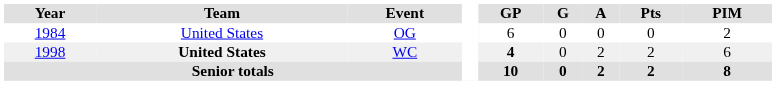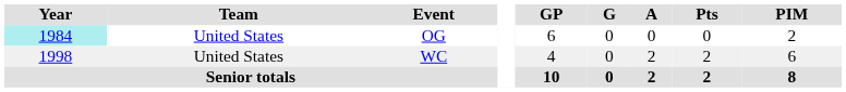 <table border="0" cellpadding="1" cellspacing="0" style="text-align:center; width:50em">
 <tr ALIGN="center" bgcolor="#e0e0e0">
 <th>Year</th>
 <th>Team</th>
 <th>Event</th>
 <th rowspan="99" bgcolor="#ffffff"> </th>
 <th>GP</th>
 <th>G</th>
 <th>A</th>
 <th>Pts</th>
 <th>PIM</th>
 </tr>
 <tr>
-<td><a href='#'>1984</a></td>
+<td style="background: paleturquoise;"><a href='#'>1984</a></td>
 <td><a href='#'>United States</a></td>
 <td><a href='#'>OG</a></td>
 <td>6</td>
 <td>0</td>
 <td>0</td>
 <td>0</td>
 <td>2</td>
 </tr>
 <tr bgcolor="#f0f0f0">
 <td><a href='#'>1998</a></td>
-<td><strong>United States</strong></td>
+<td>United States</td>
 <td><a href='#'>WC</a></td>
-<td><strong>4</strong></td>
+<td>4</td>
 <td>0</td>
 <td>2</td>
 <td>2</td>
 <td>6</td>
 </tr>
 <tr bgcolor="#e0e0e0">
 <th colspan="3">Senior totals</th>
 <th>10</th>
 <th>0</th>
 <th>2</th>
 <th>2</th>
 <th>8</th>
 </tr>
 </table>
